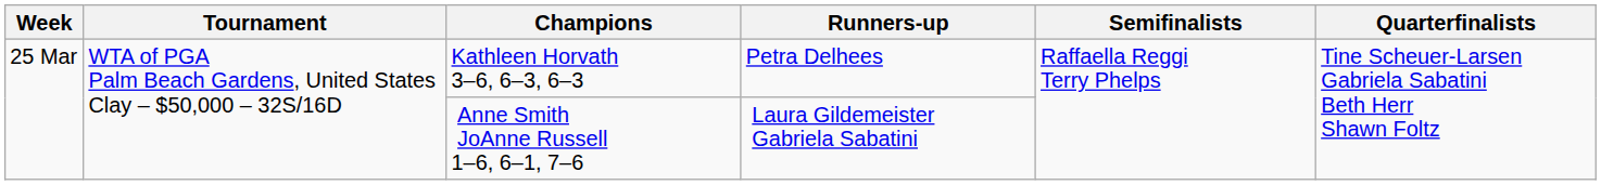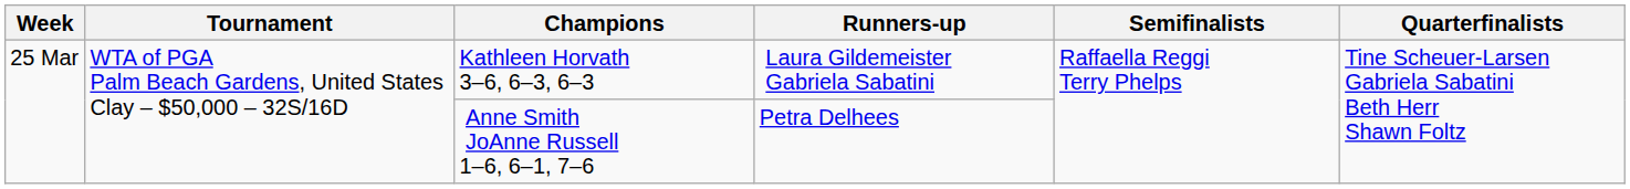 <table class=wikitable style=font-size:95%>
 <tr>
 <th style="width:48px;">Week</th>
 <th style="width:248px;">Tournament</th>
 <th style="width:200px;">Champions</th>
 <th style="width:200px;">Runners-up</th>
 <th style="width:190px;">Semifinalists</th>
 <th style="width:190px;">Quarterfinalists</th>
 </tr>
 <tr valign=top>
 <td rowspan=2>25 Mar</td>
 <td rowspan=2><a href='#'>WTA of PGA</a><br> <a href='#'>Palm Beach Gardens</a>, United States<br>Clay – $50,000 – 32S/16D</td>
 <td> <a href='#'>Kathleen Horvath</a> <br>3–6, 6–3, 6–3</td>
-<td> <a href='#'>Petra Delhees</a></td>
+<td> <a href='#'>Laura Gildemeister</a><br> <a href='#'>Gabriela Sabatini</a></td>
 <td rowspan=2> <a href='#'>Raffaella Reggi</a> <br> <a href='#'>Terry Phelps</a></td>
 <td rowspan=2> <a href='#'>Tine Scheuer-Larsen</a> <br> <a href='#'>Gabriela Sabatini</a> <br>  <a href='#'>Beth Herr</a> <br> <a href='#'>Shawn Foltz</a></td>
 </tr>
 <tr valign="top">
 <td> <a href='#'>Anne Smith</a><br> <a href='#'>JoAnne Russell</a> <br>1–6, 6–1, 7–6</td>
-<td> <a href='#'>Laura Gildemeister</a><br> <a href='#'>Gabriela Sabatini</a></td>
+<td> <a href='#'>Petra Delhees</a></td>
 </tr>
 </table>
